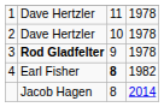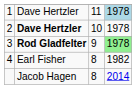 <table class="wikitable">
 <tr>
 </tr>
 <tr>
 <td>1</td>
 <td>Dave Hertzler</td>
 <td>11</td>
-<td>1978</td>
+<td style="background: lightblue;">1978</td>
 </tr>
 <tr>
 <td>2</td>
-<td>Dave Hertzler</td>
+<td><strong>Dave Hertzler</strong></td>
 <td>10</td>
 <td>1978</td>
 </tr>
 <tr>
 <td>3</td>
 <td><strong>Rod Gladfelter</strong></td>
 <td>9</td>
-<td>1978</td>
+<td style="background: lightgreen;">1978</td>
 </tr>
 <tr>
 <td>4</td>
 <td>Earl Fisher</td>
-<td><strong>8</strong></td>
+<td>8</td>
 <td>1982</td>
 </tr>
 <tr>
 <td></td>
 <td>Jacob Hagen</td>
 <td>8</td>
 <td><a href='#'>2014</a></td>
 </tr>
 </table>
